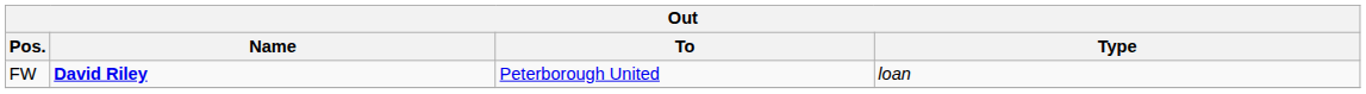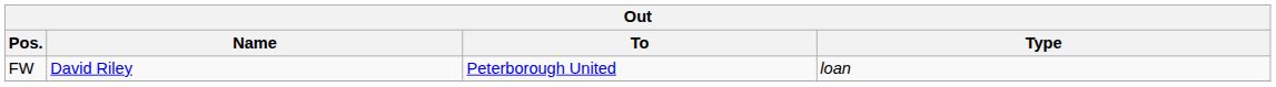 <table class="wikitable" style="font-size:100%;width:99%;">
 <tr>
 <th colspan="4">Out</th>
 </tr>
 <tr>
 <th width=3%>Pos.</th>
 <th width=33%>Name</th>
 <th width=28%>To</th>
 <th width=36%>Type</th>
 </tr>
 <tr>
 <td>FW</td>
-<td><strong><a href='#'>David Riley</a></strong></td>
+<td><a href='#'>David Riley</a></td>
 <td><a href='#'>Peterborough United</a></td>
 <td><em>loan</em></td>
 </tr>
 <tr>
 </tr>
 </table>
